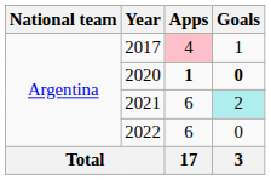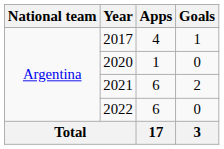 <table class="wikitable" style="text-align:center">
 <tr>
 <th>National team</th>
 <th>Year</th>
 <th>Apps</th>
 <th>Goals</th>
 </tr>
 <tr>
 <td rowspan="4"><a href='#'>Argentina</a></td>
 <td>2017</td>
-<td style="background: pink;">4</td>
+<td>4</td>
 <td>1</td>
 </tr>
 <tr>
 <td>2020</td>
-<td><strong>1</strong></td>
-<td><strong>0</strong></td>
+<td>1</td>
+<td>0</td>
 </tr>
 <tr>
 <td>2021</td>
 <td>6</td>
-<td style="background: paleturquoise;">2</td>
+<td>2</td>
 </tr>
 <tr>
 <td>2022</td>
 <td>6</td>
 <td>0</td>
 </tr>
 <tr>
 <th colspan="2">Total</th>
 <th>17</th>
 <th>3</th>
 </tr>
 </table>
